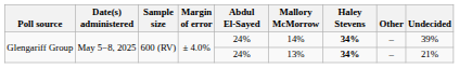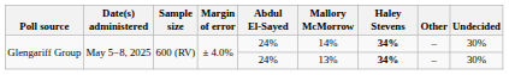 <table class="wikitable" style="font-size:90%;text-align:center;">
 <tr valign=bottom>
 <th>Poll source</th>
 <th>Date(s)<br>administered</th>
 <th>Sample<br>size</th>
 <th>Margin<br>of error</th>
 <th style="width:75px;">Abdul<br>El-Sayed</th>
 <th style="width:75px;">Mallory<br>McMorrow</th>
 <th style="width:75px;">Haley<br>Stevens</th>
 <th>Other</th>
 <th>Undecided</th>
 </tr>
 <tr>
 <td style="text-align:left;" rowspan="2">Glengariff Group</td>
 <td rowspan="2">May 5−8, 2025</td>
 <td rowspan="2">600 (RV)</td>
 <td rowspan="2">± 4.0%</td>
 <td>24%</td>
 <td>14%</td>
 <td><strong>34%</strong></td>
 <td>–</td>
-<td>39%</td>
+<td>30%</td>
 </tr>
 <tr>
 <td>24%</td>
 <td>13%</td>
 <td><strong>34%</strong></td>
 <td>–</td>
-<td>21%</td>
+<td>30%</td>
 </tr>
 </table>
